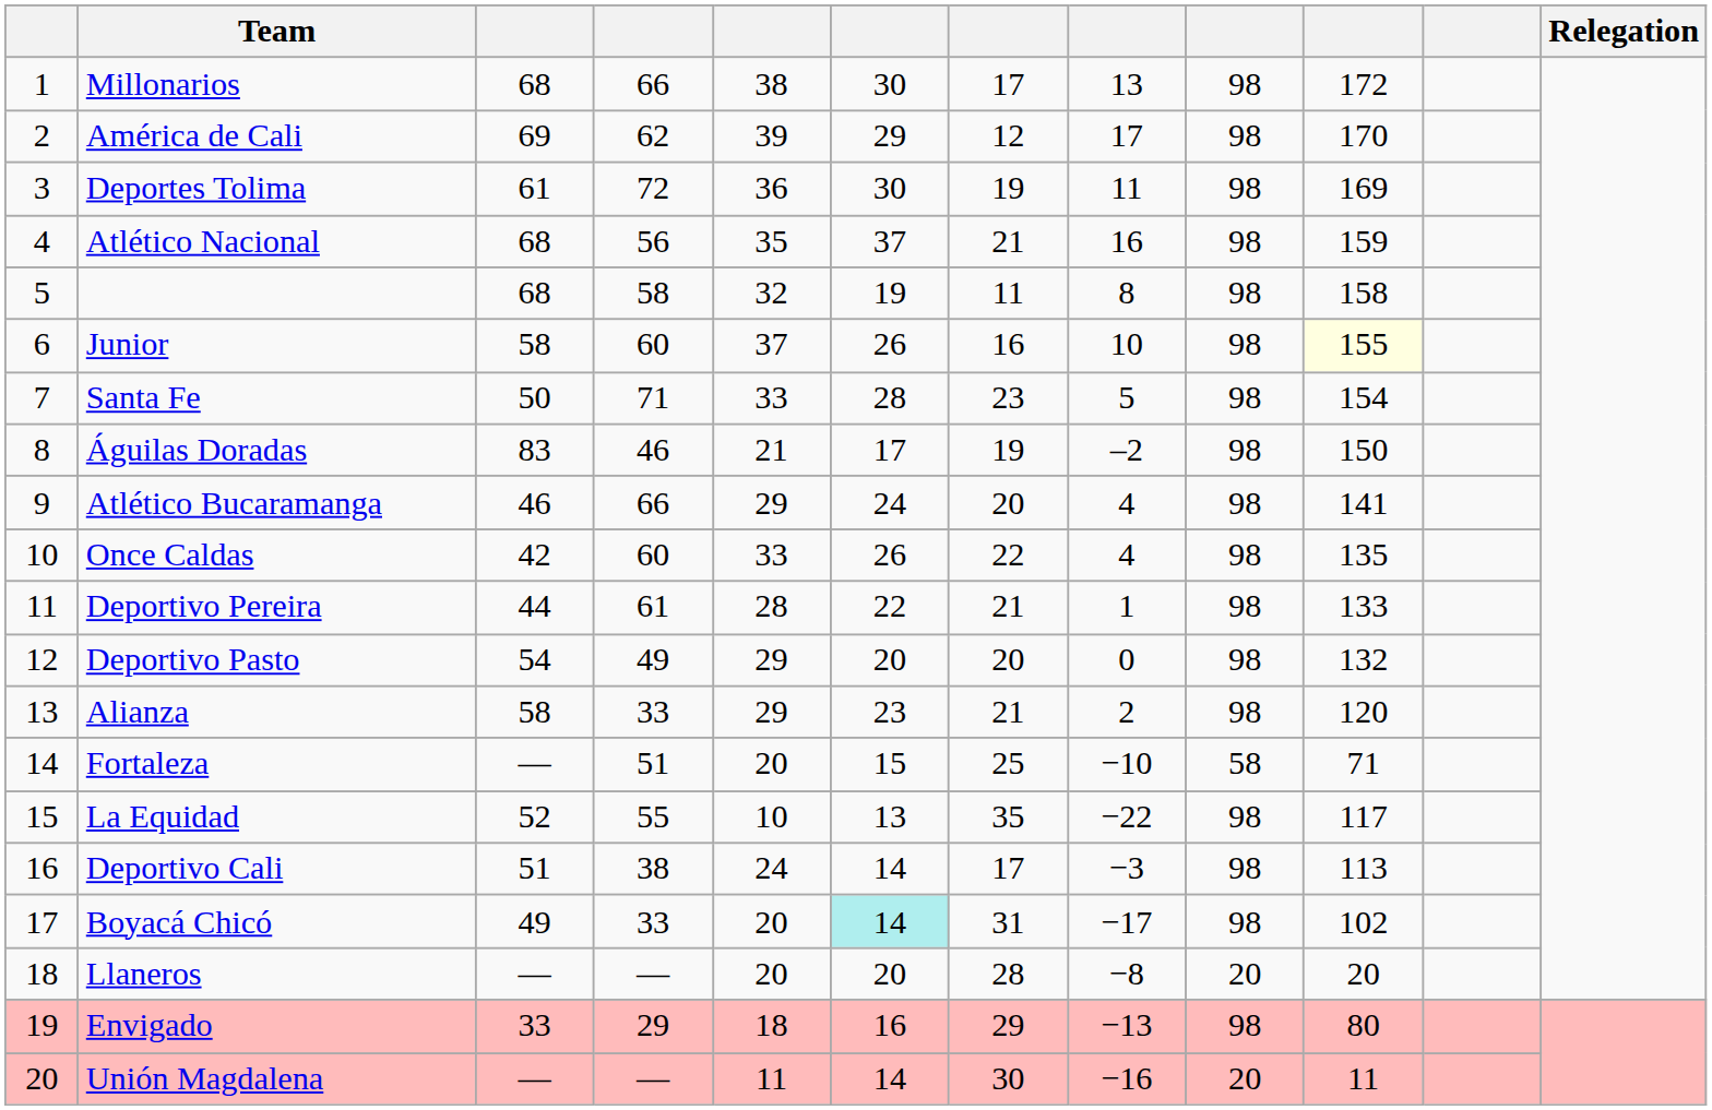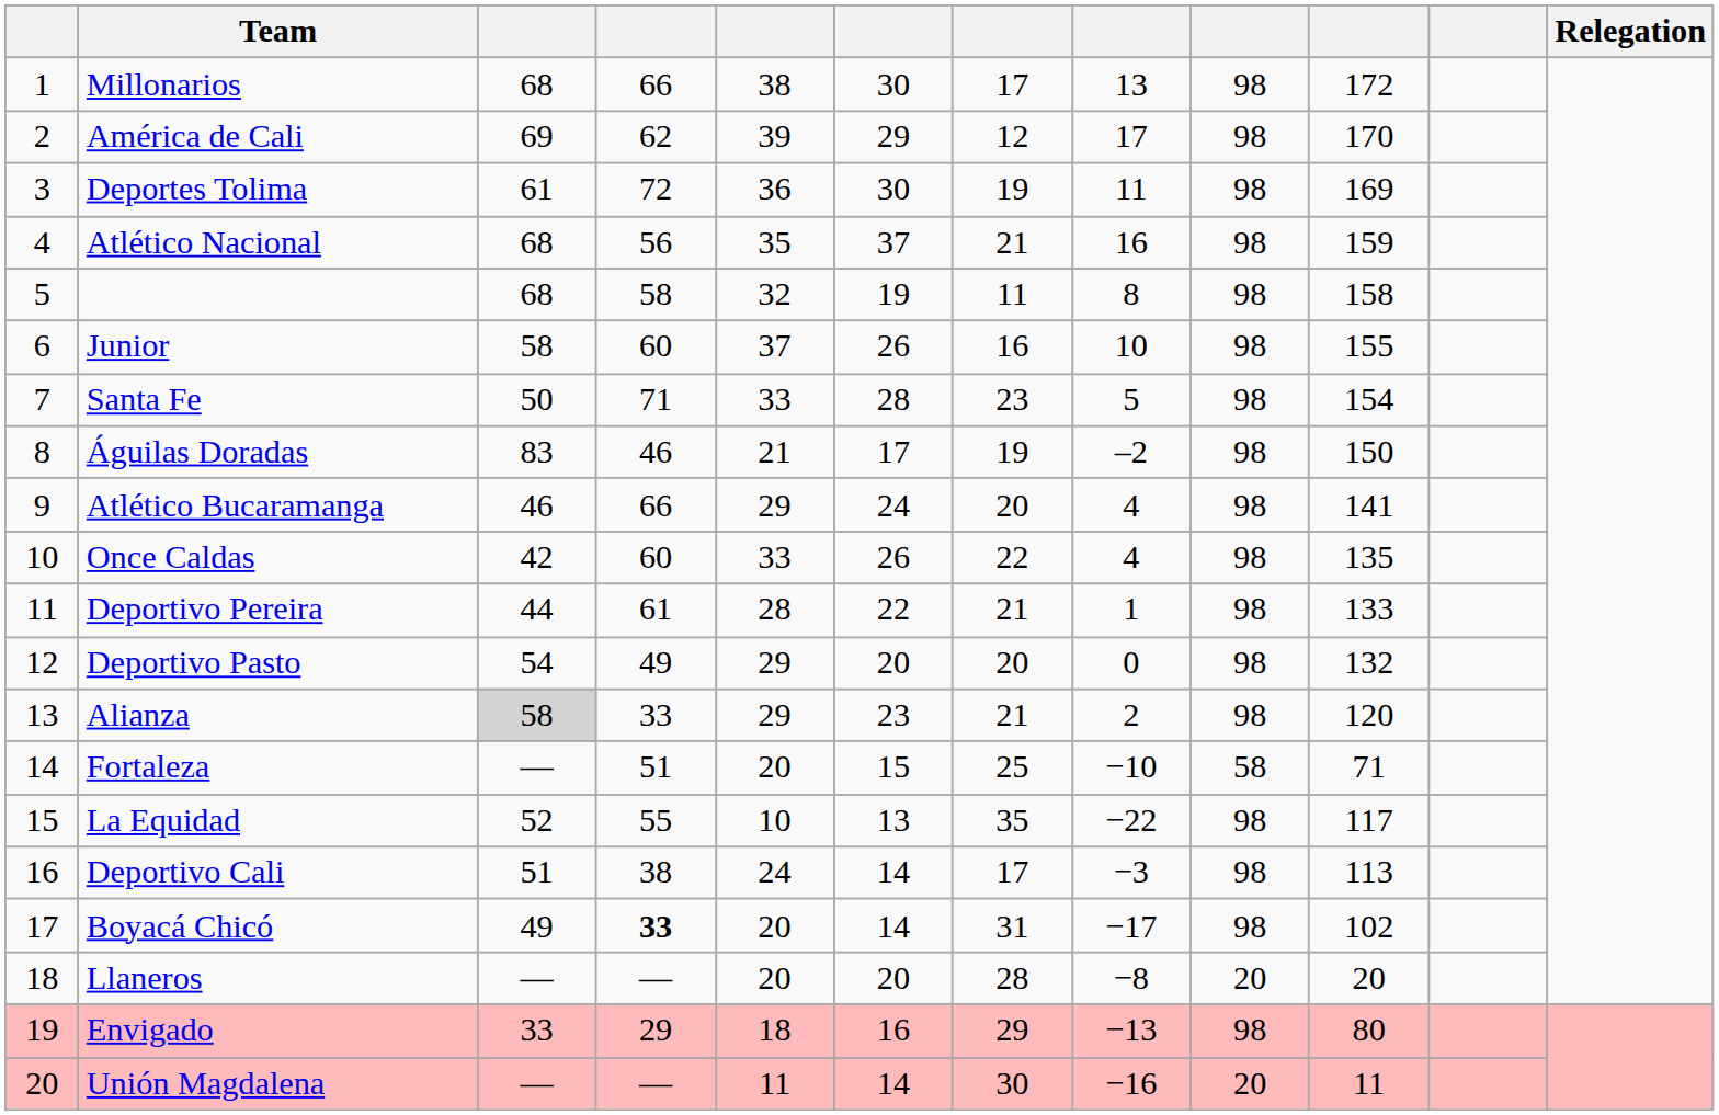 <table class="wikitable" style="text-align: center;">
 <tr>
 <th width=28></th>
 <th width=185>Team</th>
 <th width=50></th>
 <th width=50></th>
 <th width=50></th>
 <th width=50></th>
 <th width=50></th>
 <th width=50></th>
 <th width=50></th>
 <th width=50></th>
 <th width=50></th>
 <th>Relegation</th>
 </tr>
 <tr>
 <td>1</td>
 <td align="left"><a href='#'>Millonarios</a></td>
 <td>68</td>
 <td>66</td>
 <td>38</td>
 <td>30</td>
 <td>17</td>
 <td>13</td>
 <td>98</td>
 <td>172</td>
 <td><strong></strong></td>
 <td rowspan=18></td>
 </tr>
 <tr>
 <td>2</td>
 <td align="left"><a href='#'>América de Cali</a></td>
 <td>69</td>
 <td>62</td>
 <td>39</td>
 <td>29</td>
 <td>12</td>
 <td>17</td>
 <td>98</td>
 <td>170</td>
 <td><strong></strong></td>
 </tr>
 <tr>
 <td>3</td>
 <td align="left"><a href='#'>Deportes Tolima</a></td>
 <td>61</td>
 <td>72</td>
 <td>36</td>
 <td>30</td>
 <td>19</td>
 <td>11</td>
 <td>98</td>
 <td>169</td>
 <td><strong></strong></td>
 </tr>
 <tr>
 <td>4</td>
 <td align="left"><a href='#'>Atlético Nacional</a></td>
 <td>68</td>
 <td>56</td>
 <td>35</td>
 <td>37</td>
 <td>21</td>
 <td>16</td>
 <td>98</td>
 <td>159</td>
 <td><strong></strong></td>
 </tr>
 <tr>
 <td>5</td>
 <td align="left"></td>
 <td>68</td>
 <td>58</td>
 <td>32</td>
 <td>19</td>
 <td>11</td>
 <td>8</td>
 <td>98</td>
 <td>158</td>
 <td><strong></strong></td>
 </tr>
 <tr>
 <td>6</td>
 <td align="left"><a href='#'>Junior</a></td>
 <td>58</td>
 <td>60</td>
 <td>37</td>
 <td>26</td>
 <td>16</td>
 <td>10</td>
 <td>98</td>
-<td style="background: lightyellow;">155</td>
+<td>155</td>
 <td><strong></strong></td>
 </tr>
 <tr>
 <td>7</td>
 <td align="left"><a href='#'>Santa Fe</a></td>
 <td>50</td>
 <td>71</td>
 <td>33</td>
 <td>28</td>
 <td>23</td>
 <td>5</td>
 <td>98</td>
 <td>154</td>
 <td><strong></strong></td>
 </tr>
 <tr>
 <td>8</td>
 <td align="left"><a href='#'>Águilas Doradas</a></td>
 <td>83</td>
 <td>46</td>
 <td>21</td>
 <td>17</td>
 <td>19</td>
 <td>–2</td>
 <td>98</td>
 <td>150</td>
 <td><strong></strong></td>
 </tr>
 <tr>
 <td>9</td>
 <td align="left"><a href='#'>Atlético Bucaramanga</a></td>
 <td>46</td>
 <td>66</td>
 <td>29</td>
 <td>24</td>
 <td>20</td>
 <td>4</td>
 <td>98</td>
 <td>141</td>
 <td><strong></strong></td>
 </tr>
 <tr>
 <td>10</td>
 <td align="left"><a href='#'>Once Caldas</a></td>
 <td>42</td>
 <td>60</td>
 <td>33</td>
 <td>26</td>
 <td>22</td>
 <td>4</td>
 <td>98</td>
 <td>135</td>
 <td><strong></strong></td>
 </tr>
 <tr>
 <td>11</td>
 <td align="left"><a href='#'>Deportivo Pereira</a></td>
 <td>44</td>
 <td>61</td>
 <td>28</td>
 <td>22</td>
 <td>21</td>
 <td>1</td>
 <td>98</td>
 <td>133</td>
 <td><strong></strong></td>
 </tr>
 <tr>
 <td>12</td>
 <td align="left"><a href='#'>Deportivo Pasto</a></td>
 <td>54</td>
 <td>49</td>
 <td>29</td>
 <td>20</td>
 <td>20</td>
 <td>0</td>
 <td>98</td>
 <td>132</td>
 <td><strong></strong></td>
 </tr>
 <tr>
 <td>13</td>
 <td align="left"><a href='#'>Alianza</a></td>
-<td>58</td>
+<td style="background: lightgrey;">58</td>
 <td>33</td>
 <td>29</td>
 <td>23</td>
 <td>21</td>
 <td>2</td>
 <td>98</td>
 <td>120</td>
 <td><strong></strong></td>
 </tr>
 <tr>
 <td>14</td>
 <td align="left"><a href='#'>Fortaleza</a></td>
 <td>—</td>
 <td>51</td>
 <td>20</td>
 <td>15</td>
 <td>25</td>
 <td>−10</td>
 <td>58</td>
 <td>71</td>
 <td><strong></strong></td>
 </tr>
 <tr>
 <td>15</td>
 <td align="left"><a href='#'>La Equidad</a></td>
 <td>52</td>
 <td>55</td>
 <td>10</td>
 <td>13</td>
 <td>35</td>
 <td>−22</td>
 <td>98</td>
 <td>117</td>
 <td><strong></strong></td>
 </tr>
 <tr>
 <td>16</td>
 <td align="left"><a href='#'>Deportivo Cali</a></td>
 <td>51</td>
 <td>38</td>
 <td>24</td>
 <td>14</td>
 <td>17</td>
 <td>−3</td>
 <td>98</td>
 <td>113</td>
 <td><strong></strong></td>
 </tr>
 <tr>
 <td>17</td>
 <td align="left"><a href='#'>Boyacá Chicó</a></td>
 <td>49</td>
-<td>33</td>
+<td><strong>33</strong></td>
 <td>20</td>
-<td style="background: paleturquoise;">14</td>
+<td>14</td>
 <td>31</td>
 <td>−17</td>
 <td>98</td>
 <td>102</td>
 <td><strong></strong></td>
 </tr>
 <tr>
 <td>18</td>
 <td align="left"><a href='#'>Llaneros</a></td>
 <td>—</td>
 <td>—</td>
 <td>20</td>
 <td>20</td>
 <td>28</td>
 <td>−8</td>
 <td>20</td>
 <td>20</td>
 <td><strong></strong></td>
 </tr>
 <tr bgcolor=#FFBBBB>
 <td>19</td>
 <td align="left"><a href='#'>Envigado</a></td>
 <td>33</td>
 <td>29</td>
 <td>18</td>
 <td>16</td>
 <td>29</td>
 <td>−13</td>
 <td>98</td>
 <td>80</td>
 <td><strong></strong></td>
 <td rowspan=2></td>
 </tr>
 <tr bgcolor=#FFBBBB>
 <td>20</td>
 <td align="left"><a href='#'>Unión Magdalena</a></td>
 <td>—</td>
 <td>—</td>
 <td>11</td>
 <td>14</td>
 <td>30</td>
 <td>−16</td>
 <td>20</td>
 <td>11</td>
 <td><strong></strong></td>
 </tr>
 </table>
